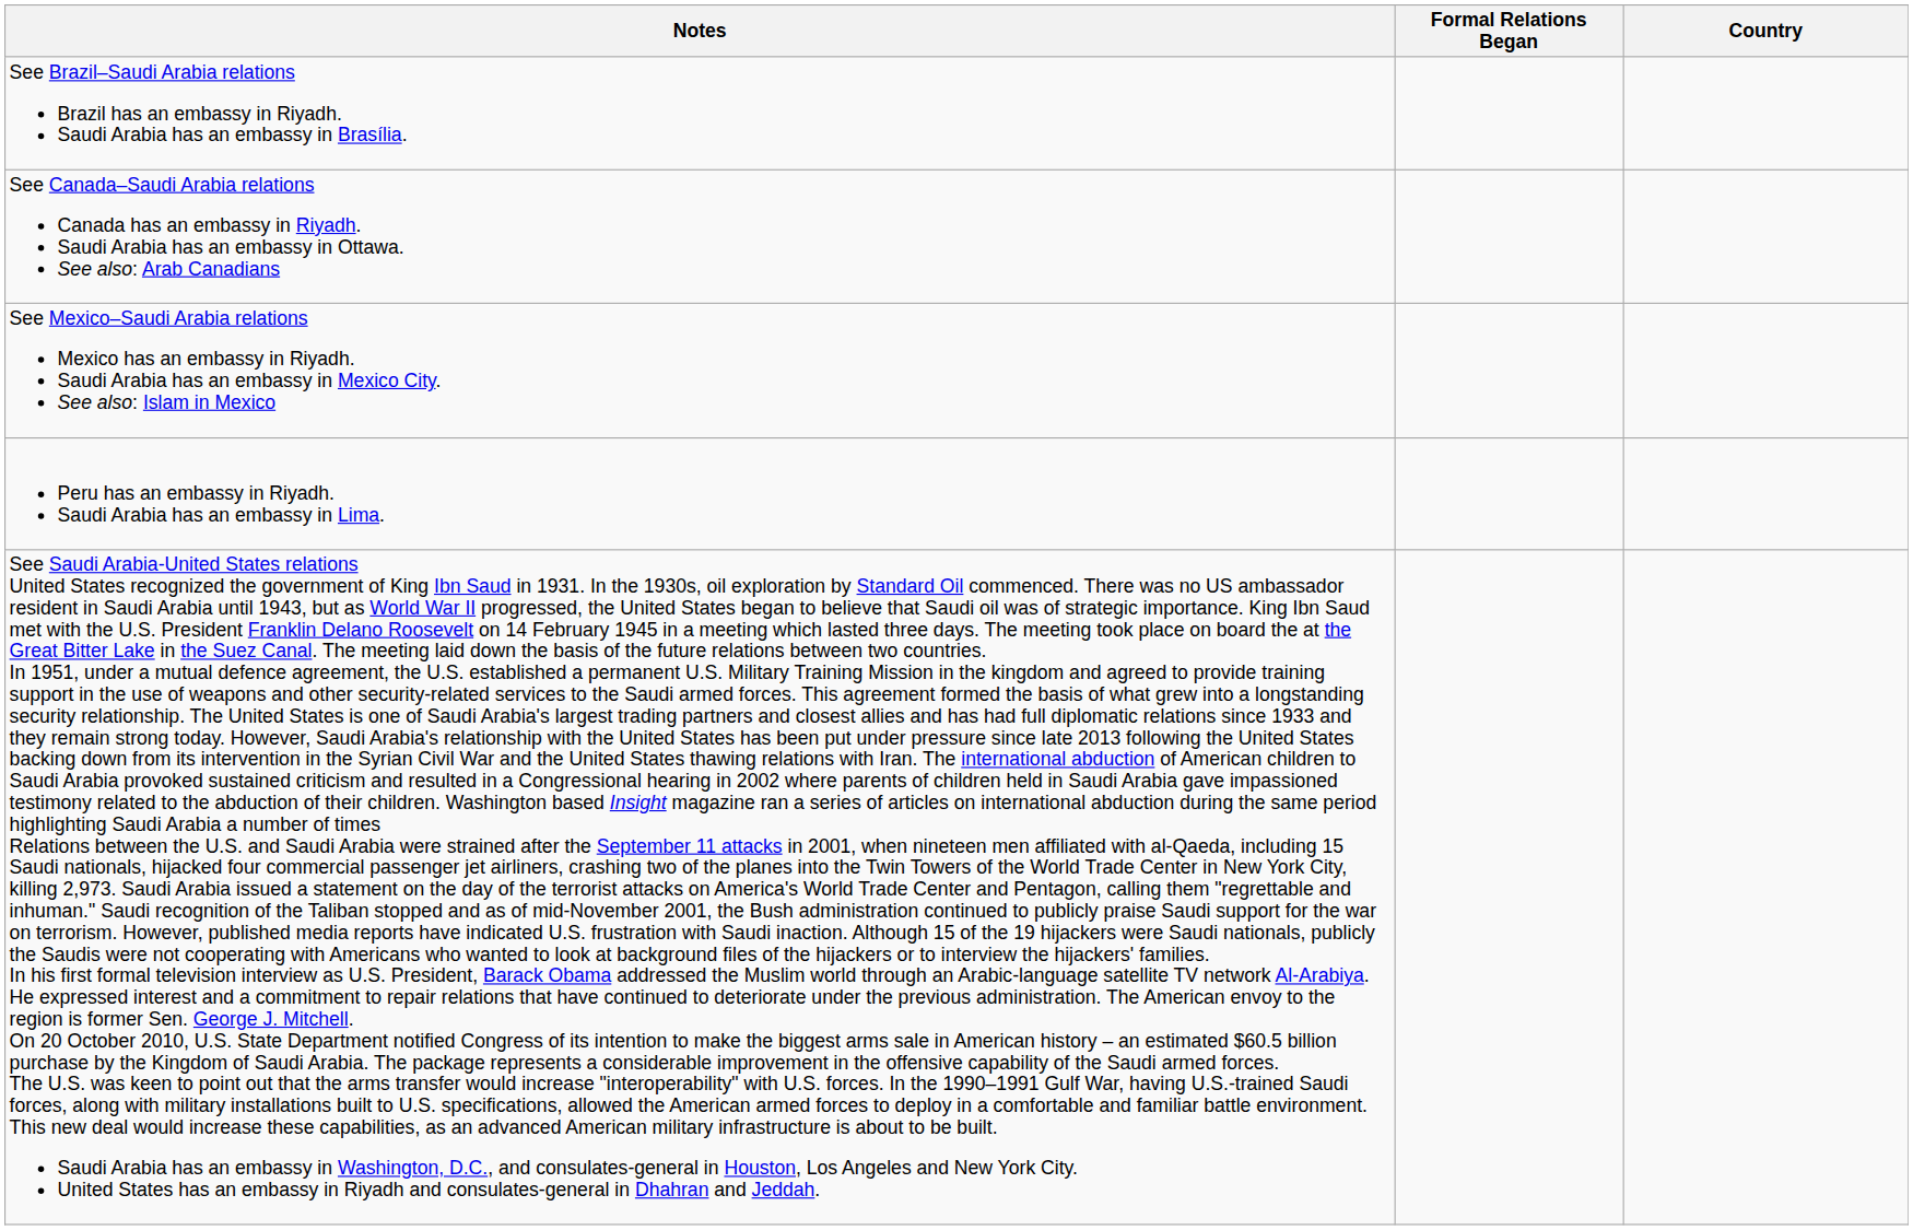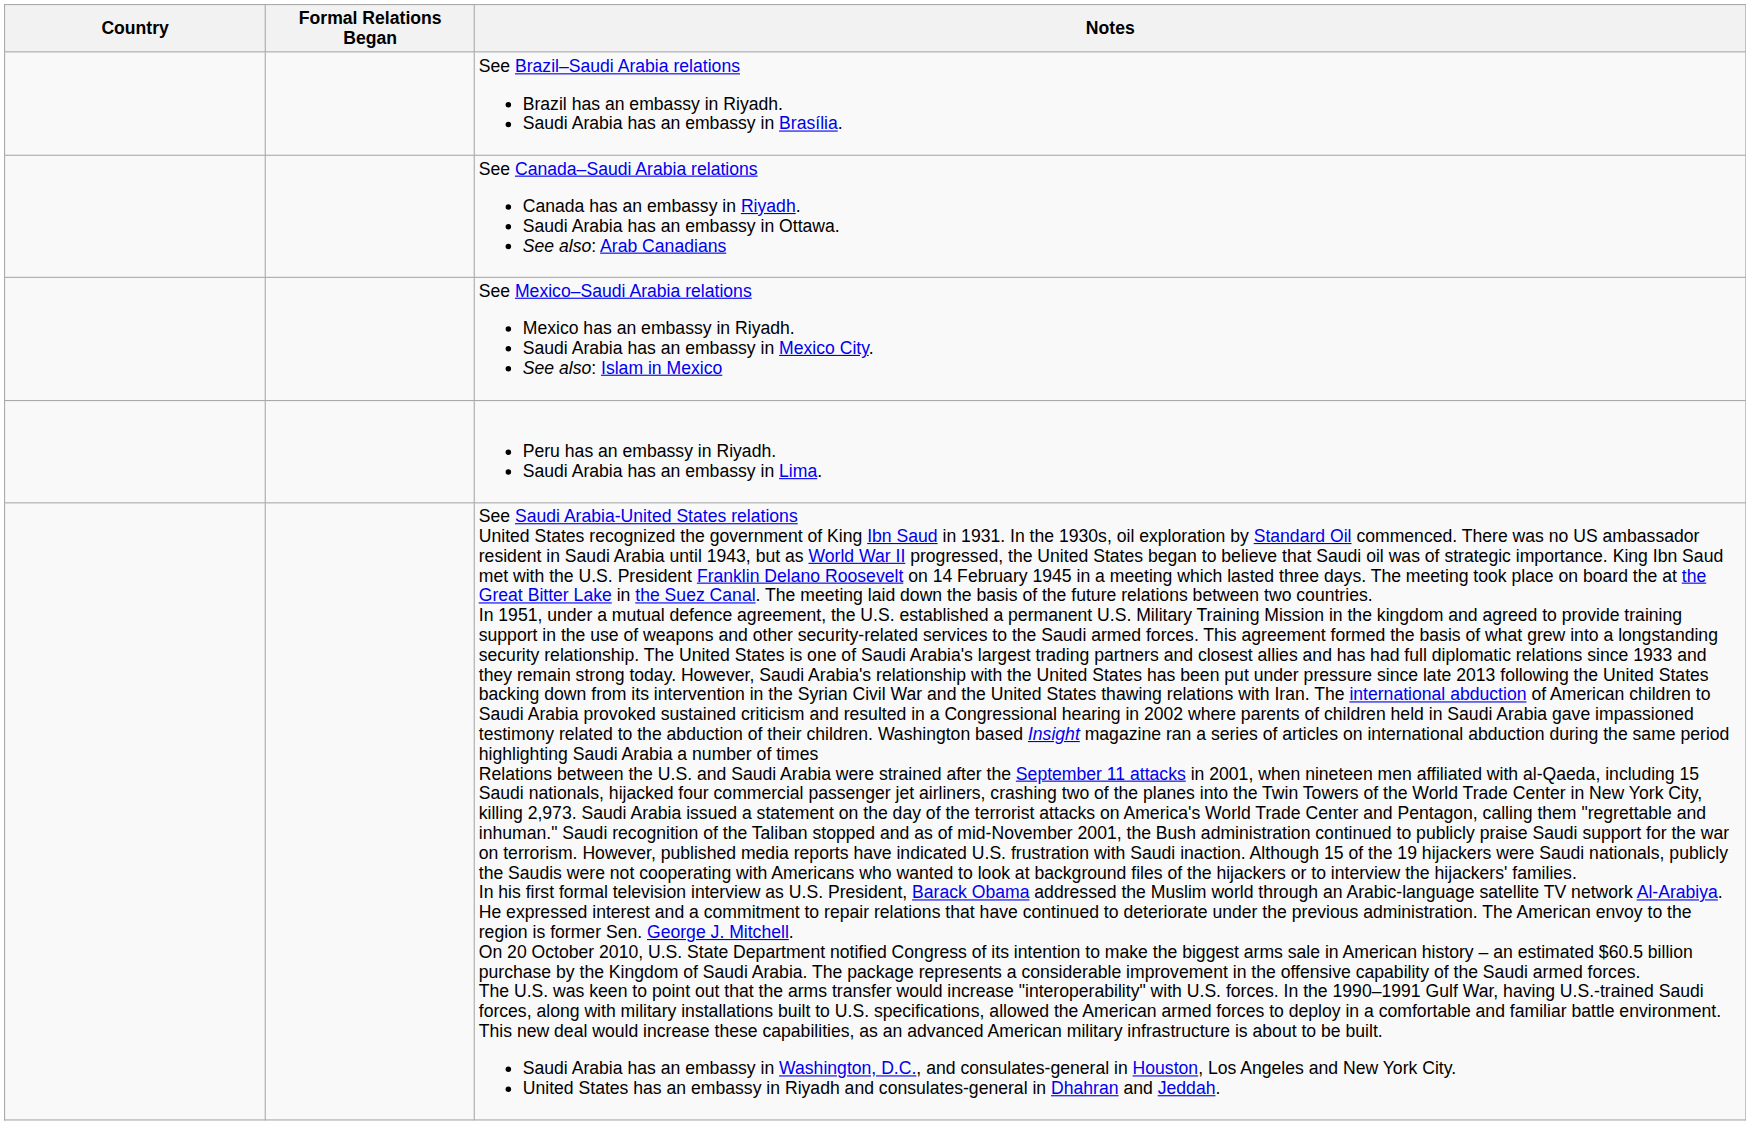 <table class="wikitable sortable" style="width:100%; margin:auto;">
 <tr>
+<th style="width:15%;">Country</th>
+<th style="width:12%;">Formal Relations Began</th>
 <th>Notes</th>
-<th style="width:12%;">Formal Relations Began</th>
-<th style="width:15%;">Country</th>
 </tr>
 <tr valign="top">
-<td>See <a href='#'>Brazil–Saudi Arabia relations</a><br><ul><li>Brazil has an embassy in Riyadh.</li><li>Saudi Arabia has an embassy in <a href='#'>Brasília</a>.</li></ul></td>
 <td></td>
 <td></td>
+<td>See <a href='#'>Brazil–Saudi Arabia relations</a><br><ul><li>Brazil has an embassy in Riyadh.</li><li>Saudi Arabia has an embassy in <a href='#'>Brasília</a>.</li></ul></td>
 </tr>
 <tr valign="top">
-<td>See <a href='#'>Canada–Saudi Arabia relations</a><br><ul><li>Canada has an embassy in <a href='#'>Riyadh</a>.</li><li>Saudi Arabia has an embassy in Ottawa.</li><li><em>See also</em>: <a href='#'>Arab Canadians</a></li></ul></td>
 <td></td>
 <td></td>
+<td>See <a href='#'>Canada–Saudi Arabia relations</a><br><ul><li>Canada has an embassy in <a href='#'>Riyadh</a>.</li><li>Saudi Arabia has an embassy in Ottawa.</li><li><em>See also</em>: <a href='#'>Arab Canadians</a></li></ul></td>
 </tr>
 <tr valign="top">
-<td>See <a href='#'>Mexico–Saudi Arabia relations</a><br><ul><li>Mexico has an embassy in Riyadh.</li><li>Saudi Arabia has an embassy in <a href='#'>Mexico City</a>.</li><li><em>See also</em>: <a href='#'>Islam in Mexico</a></li></ul></td>
 <td></td>
 <td></td>
+<td>See <a href='#'>Mexico–Saudi Arabia relations</a><br><ul><li>Mexico has an embassy in Riyadh.</li><li>Saudi Arabia has an embassy in <a href='#'>Mexico City</a>.</li><li><em>See also</em>: <a href='#'>Islam in Mexico</a></li></ul></td>
 </tr>
 <tr valign="top">
-<td><br><ul><li>Peru has an embassy in Riyadh.</li><li>Saudi Arabia has an embassy in <a href='#'>Lima</a>.</li></ul></td>
 <td></td>
 <td></td>
+<td><br><ul><li>Peru has an embassy in Riyadh.</li><li>Saudi Arabia has an embassy in <a href='#'>Lima</a>.</li></ul></td>
 </tr>
 <tr valign="top">
-<td>See <a href='#'>Saudi Arabia-United States relations</a><br>   United States recognized the government of King <a href='#'>Ibn Saud</a> in 1931. In the 1930s, oil exploration by <a href='#'>Standard Oil</a> commenced. There was no US ambassador resident in Saudi Arabia until 1943, but as <a href='#'>World War II</a> progressed, the United States began to believe that Saudi oil was of strategic importance. King Ibn Saud met with the U.S. President <a href='#'>Franklin Delano Roosevelt</a> on 14 February 1945 in a meeting which lasted three days. The meeting took place on board the  at <a href='#'>the Great Bitter Lake</a> in <a href='#'>the Suez Canal</a>. The meeting laid down the basis of the future relations between two countries.<br>In 1951, under a mutual defence agreement, the U.S. established a permanent U.S. Military Training Mission in the kingdom and agreed to provide training support in the use of weapons and other security-related services to the Saudi armed forces. This agreement formed the basis of what grew into a longstanding security relationship. The United States is one of Saudi Arabia's largest trading partners and closest allies and has had full diplomatic relations since 1933 and they remain strong today. However, Saudi Arabia's relationship with the United States has been put under pressure since late 2013 following the United States backing down from its intervention in the Syrian Civil War and the United States thawing relations with Iran.  The <a href='#'>international abduction</a> of American children to Saudi Arabia provoked sustained criticism and resulted in a Congressional hearing in 2002 where parents of children held in Saudi Arabia gave impassioned testimony related to the abduction of their children.  Washington based <a href='#'><em>Insight</em></a> magazine ran a series of articles on international abduction during the same period highlighting Saudi Arabia a number of times<br>Relations between the U.S. and Saudi Arabia were strained after the <a href='#'>September 11 attacks</a> in 2001, when nineteen men affiliated with al-Qaeda, including 15 Saudi nationals, hijacked four commercial passenger jet airliners, crashing two of the planes into the Twin Towers of the World Trade Center in New York City, killing 2,973. Saudi Arabia issued a statement on the day of the terrorist attacks on America's World Trade Center and Pentagon, calling them "regrettable and inhuman." Saudi recognition of the Taliban stopped and as of mid-November 2001, the Bush administration continued to publicly praise Saudi support for the war on terrorism. However, published media reports have indicated U.S. frustration with Saudi inaction. Although 15 of the 19 hijackers were Saudi nationals, publicly the Saudis were not cooperating with Americans who wanted to look at background files of the hijackers or to interview the hijackers' families.<br> In his first formal television interview as U.S. President, <a href='#'>Barack Obama</a> addressed the Muslim world through an Arabic-language satellite TV network <a href='#'>Al-Arabiya</a>. He expressed interest and a commitment to repair relations that have continued to deteriorate under the previous administration. The American envoy to the region is former Sen. <a href='#'>George J. Mitchell</a>.<br>On 20 October 2010, U.S. State Department notified Congress of its intention to make the biggest arms sale in American history – an estimated $60.5 billion purchase by the Kingdom of Saudi Arabia. The package represents a considerable improvement in the offensive capability of the Saudi armed forces.<br>The U.S. was keen to point out that the arms transfer would increase "interoperability" with U.S. forces. In the 1990–1991 Gulf War, having U.S.-trained Saudi forces, along with military installations built to U.S. specifications, allowed the American armed forces to deploy in a comfortable and familiar battle environment. This new deal would increase these capabilities, as an advanced American military infrastructure is about to be built.<ul><li>Saudi Arabia has an embassy in <a href='#'>Washington, D.C.</a>, and consulates-general in <a href='#'>Houston</a>, Los Angeles and New York City.</li><li>United States has an embassy in Riyadh and consulates-general in <a href='#'>Dhahran</a> and <a href='#'>Jeddah</a>.</li></ul></td>
 <td></td>
 <td></td>
+<td>See <a href='#'>Saudi Arabia-United States relations</a><br>   United States recognized the government of King <a href='#'>Ibn Saud</a> in 1931. In the 1930s, oil exploration by <a href='#'>Standard Oil</a> commenced. There was no US ambassador resident in Saudi Arabia until 1943, but as <a href='#'>World War II</a> progressed, the United States began to believe that Saudi oil was of strategic importance. King Ibn Saud met with the U.S. President <a href='#'>Franklin Delano Roosevelt</a> on 14 February 1945 in a meeting which lasted three days. The meeting took place on board the  at <a href='#'>the Great Bitter Lake</a> in <a href='#'>the Suez Canal</a>. The meeting laid down the basis of the future relations between two countries.<br>In 1951, under a mutual defence agreement, the U.S. established a permanent U.S. Military Training Mission in the kingdom and agreed to provide training support in the use of weapons and other security-related services to the Saudi armed forces. This agreement formed the basis of what grew into a longstanding security relationship. The United States is one of Saudi Arabia's largest trading partners and closest allies and has had full diplomatic relations since 1933 and they remain strong today. However, Saudi Arabia's relationship with the United States has been put under pressure since late 2013 following the United States backing down from its intervention in the Syrian Civil War and the United States thawing relations with Iran.  The <a href='#'>international abduction</a> of American children to Saudi Arabia provoked sustained criticism and resulted in a Congressional hearing in 2002 where parents of children held in Saudi Arabia gave impassioned testimony related to the abduction of their children.  Washington based <a href='#'><em>Insight</em></a> magazine ran a series of articles on international abduction during the same period highlighting Saudi Arabia a number of times<br>Relations between the U.S. and Saudi Arabia were strained after the <a href='#'>September 11 attacks</a> in 2001, when nineteen men affiliated with al-Qaeda, including 15 Saudi nationals, hijacked four commercial passenger jet airliners, crashing two of the planes into the Twin Towers of the World Trade Center in New York City, killing 2,973. Saudi Arabia issued a statement on the day of the terrorist attacks on America's World Trade Center and Pentagon, calling them "regrettable and inhuman." Saudi recognition of the Taliban stopped and as of mid-November 2001, the Bush administration continued to publicly praise Saudi support for the war on terrorism. However, published media reports have indicated U.S. frustration with Saudi inaction. Although 15 of the 19 hijackers were Saudi nationals, publicly the Saudis were not cooperating with Americans who wanted to look at background files of the hijackers or to interview the hijackers' families.<br> In his first formal television interview as U.S. President, <a href='#'>Barack Obama</a> addressed the Muslim world through an Arabic-language satellite TV network <a href='#'>Al-Arabiya</a>. He expressed interest and a commitment to repair relations that have continued to deteriorate under the previous administration. The American envoy to the region is former Sen. <a href='#'>George J. Mitchell</a>.<br>On 20 October 2010, U.S. State Department notified Congress of its intention to make the biggest arms sale in American history – an estimated $60.5 billion purchase by the Kingdom of Saudi Arabia. The package represents a considerable improvement in the offensive capability of the Saudi armed forces.<br>The U.S. was keen to point out that the arms transfer would increase "interoperability" with U.S. forces. In the 1990–1991 Gulf War, having U.S.-trained Saudi forces, along with military installations built to U.S. specifications, allowed the American armed forces to deploy in a comfortable and familiar battle environment. This new deal would increase these capabilities, as an advanced American military infrastructure is about to be built.<ul><li>Saudi Arabia has an embassy in <a href='#'>Washington, D.C.</a>, and consulates-general in <a href='#'>Houston</a>, Los Angeles and New York City.</li><li>United States has an embassy in Riyadh and consulates-general in <a href='#'>Dhahran</a> and <a href='#'>Jeddah</a>.</li></ul></td>
 </tr>
 </table>
